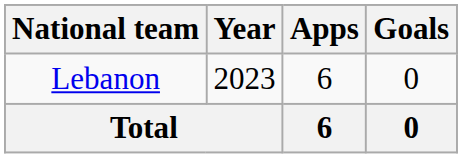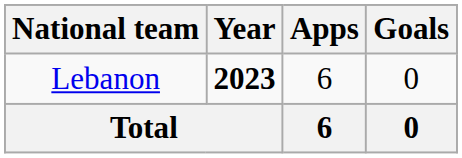 <table class="wikitable" style="text-align:center">
 <tr>
 <th>National team</th>
 <th>Year</th>
 <th>Apps</th>
 <th>Goals</th>
 </tr>
 <tr>
 <td rowspan="1"><a href='#'>Lebanon</a></td>
-<td>2023</td>
+<td><strong>2023</strong></td>
 <td>6</td>
 <td>0</td>
 </tr>
 <tr>
 <th colspan="2">Total</th>
 <th>6</th>
 <th>0</th>
 </tr>
 </table>
